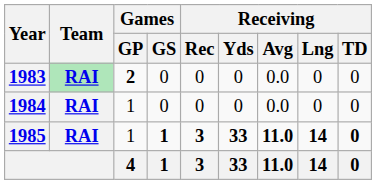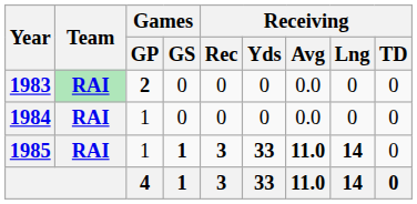 <table class="wikitable" style="text-align:center">
 <tr>
 <th rowspan="2">Year</th>
 <th rowspan="2">Team</th>
 <th colspan="2">Games</th>
 <th colspan="5">Receiving</th>
 </tr>
 <tr>
 <th>GP</th>
 <th>GS</th>
 <th>Rec</th>
 <th>Yds</th>
 <th>Avg</th>
 <th>Lng</th>
 <th>TD</th>
 </tr>
 <tr>
 <th><a href='#'>1983</a></th>
 <th style="background:#afe6ba; width:3em;"><a href='#'>RAI</a></th>
 <td><strong>2</strong></td>
 <td>0</td>
 <td>0</td>
 <td>0</td>
 <td>0.0</td>
 <td>0</td>
 <td>0</td>
 </tr>
 <tr>
 <th><a href='#'>1984</a></th>
 <th><a href='#'>RAI</a></th>
 <td>1</td>
 <td>0</td>
 <td>0</td>
 <td>0</td>
 <td>0.0</td>
 <td>0</td>
 <td>0</td>
 </tr>
 <tr>
 <th><a href='#'>1985</a></th>
 <th><a href='#'>RAI</a></th>
 <td>1</td>
 <td><strong>1</strong></td>
 <td><strong>3</strong></td>
 <td><strong>33</strong></td>
 <td><strong>11.0</strong></td>
 <td><strong>14</strong></td>
-<td><strong>0</strong></td>
+<td>0</td>
 </tr>
 <tr>
 <th colspan="2"></th>
 <th>4</th>
 <th>1</th>
 <th>3</th>
 <th>33</th>
 <th>11.0</th>
 <th>14</th>
 <th>0</th>
 </tr>
 </table>
